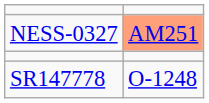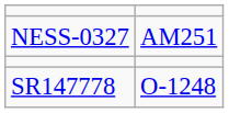 <table class="wikitable">
 <tr>
 <td></td>
 <td></td>
 </tr>
 <tr>
 <td><a href='#'>NESS-0327</a></td>
-<td style="background: lightsalmon;"><a href='#'>AM251</a></td>
+<td><a href='#'>AM251</a></td>
 </tr>
 <tr>
 <td></td>
 <td></td>
 </tr>
 <tr>
 <td><a href='#'>SR147778</a></td>
 <td><a href='#'>O-1248</a></td>
 </tr>
 </table>
